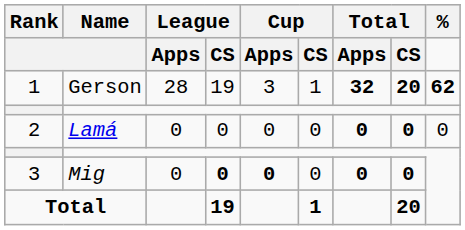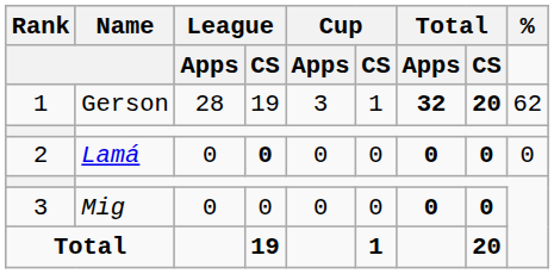 <table class="wikitable" style="text-align:center">
 <tr>
 <th>Rank</th>
 <th>Name</th>
 <th colspan=2>League</th>
 <th colspan=2>Cup</th>
 <th colspan=2>Total</th>
 <th>%</th>
 </tr>
 <tr>
 <th colspan=2></th>
 <th>Apps</th>
 <th>CS</th>
 <th>Apps</th>
 <th>CS</th>
 <th>Apps</th>
 <th>CS</th>
 </tr>
 <tr>
 <td>1</td>
 <td align="left"> Gerson</td>
 <td>28</td>
 <td>19</td>
 <td>3</td>
 <td>1</td>
 <td><strong>32</strong></td>
 <td><strong>20</strong></td>
-<td><strong>62</strong></td>
+<td>62</td>
 </tr>
 <tr>
 <th></th>
 </tr>
 <tr>
 <td>2</td>
 <td align="left"> <em><a href='#'>Lamá</a></em></td>
 <td>0</td>
-<td>0</td>
+<td><strong>0</strong></td>
 <td>0</td>
 <td>0</td>
 <td><strong>0</strong></td>
 <td><strong>0</strong></td>
 <td>0</td>
 </tr>
 <tr>
 <th></th>
 </tr>
 <tr>
 <td>3</td>
 <td align="left"> <em>Mig</em></td>
 <td>0</td>
-<td><strong>0</strong></td>
-<td><strong>0</strong></td>
+<td>0</td>
+<td>0</td>
 <td>0</td>
 <td><strong>0</strong></td>
 <td><strong>0</strong></td>
 </tr>
 <tr>
 <td colspan=2><strong>Total</strong></td>
 <td></td>
 <td><strong>19</strong></td>
 <td></td>
 <td><strong>1</strong></td>
 <td></td>
 <td><strong>20</strong></td>
 </tr>
 </table>
